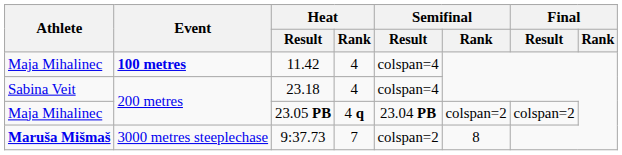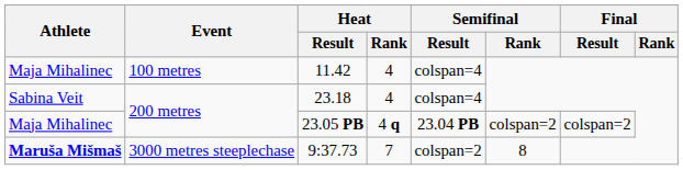 <table class="wikitable" style="font-size:90%">
 <tr>
 <th rowspan="2">Athlete</th>
 <th rowspan="2">Event</th>
 <th colspan="2">Heat</th>
 <th colspan="2">Semifinal</th>
 <th colspan="2">Final</th>
 </tr>
 <tr style="font-size:95%">
 <th>Result</th>
 <th>Rank</th>
 <th>Result</th>
 <th>Rank</th>
 <th>Result</th>
 <th>Rank</th>
 </tr>
 <tr style=text-align:center>
 <td style=text-align:left><a href='#'>Maja Mihalinec</a></td>
-<td style=text-align:left><strong><a href='#'>100 metres</a></strong></td>
+<td style=text-align:left><a href='#'>100 metres</a></td>
 <td>11.42</td>
 <td>4</td>
 <td>colspan=4 </td>
 </tr>
 <tr style=text-align:center>
 <td style=text-align:left><a href='#'>Sabina Veit</a></td>
 <td style=text-align:left rowspan=2><a href='#'>200 metres</a></td>
 <td>23.18</td>
 <td>4</td>
 <td>colspan=4 </td>
 </tr>
 <tr style=text-align:center>
 <td style=text-align:left><a href='#'>Maja Mihalinec</a></td>
 <td>23.05 <strong>PB</strong></td>
 <td>4 <strong>q</strong></td>
 <td>23.04 <strong>PB</strong></td>
 <td>colspan=2 </td>
 <td>colspan=2 </td>
 </tr>
 <tr style=text-align:center>
 <td style=text-align:left><strong><a href='#'>Maruša Mišmaš</a></strong></td>
 <td style=text-align:left><a href='#'>3000 metres steeplechase</a></td>
 <td>9:37.73</td>
 <td>7</td>
 <td>colspan=2 </td>
 <td>8</td>
 </tr>
 </table>
